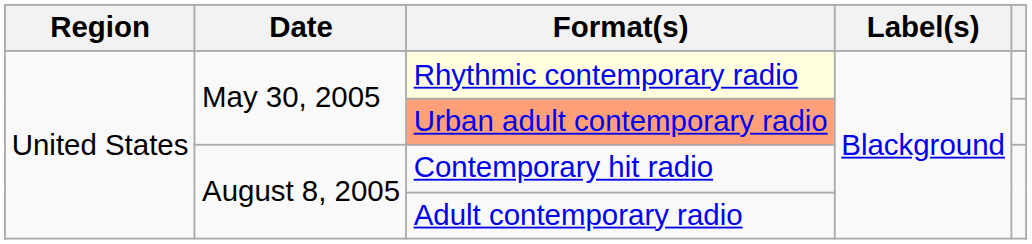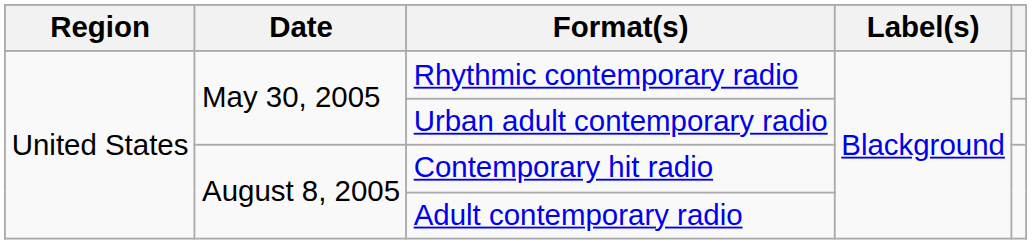 <table class="wikitable">
 <tr>
 <th>Region</th>
 <th>Date</th>
 <th>Format(s)</th>
 <th>Label(s)</th>
 <th></th>
 </tr>
 <tr>
 <td rowspan="4">United States</td>
 <td rowspan="2">May 30, 2005</td>
-<td style="background: lightyellow;"><a href='#'>Rhythmic contemporary radio</a></td>
+<td><a href='#'>Rhythmic contemporary radio</a></td>
 <td rowspan="4"><a href='#'>Blackground</a></td>
 <td></td>
 </tr>
 <tr>
-<td style="background: lightsalmon;"><a href='#'>Urban adult contemporary radio</a></td>
+<td><a href='#'>Urban adult contemporary radio</a></td>
 <td></td>
 </tr>
 <tr>
 <td rowspan="2">August 8, 2005</td>
 <td><a href='#'>Contemporary hit radio</a></td>
 <td rowspan="2"></td>
 </tr>
 <tr>
 <td><a href='#'>Adult contemporary radio</a></td>
 </tr>
 </table>
